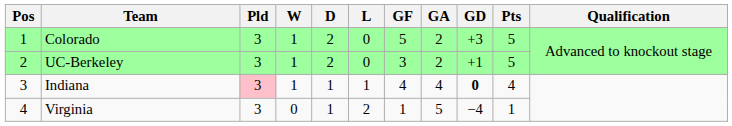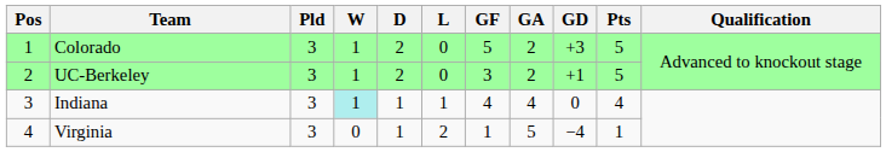 <table class="wikitable" style="text-align:center; margin: 1em auto">
 <tr>
 <th style="width:2em">Pos</th>
 <th style="width:13em">Team</th>
 <th style="width:2em">Pld</th>
 <th style="width:2em">W</th>
 <th style="width:2em">D</th>
 <th style="width:2em">L</th>
 <th style="width:2em">GF</th>
 <th style="width:2em">GA</th>
 <th style="width:2em">GD</th>
 <th style="width:2em">Pts</th>
 <th style="width:13em">Qualification</th>
 </tr>
 <tr bgcolor="#9eff9e">
 <td>1</td>
 <td style="text-align:left">Colorado</td>
 <td>3</td>
 <td>1</td>
 <td>2</td>
 <td>0</td>
 <td>5</td>
 <td>2</td>
 <td>+3</td>
 <td>5</td>
 <td rowspan="2">Advanced to knockout stage</td>
 </tr>
 <tr bgcolor="#9eff9e">
 <td>2</td>
 <td style="text-align:left">UC-Berkeley</td>
 <td>3</td>
 <td>1</td>
 <td>2</td>
 <td>0</td>
 <td>3</td>
 <td>2</td>
 <td>+1</td>
 <td>5</td>
 </tr>
 <tr>
 <td>3</td>
 <td style="text-align:left">Indiana</td>
-<td style="background: pink;">3</td>
-<td>1</td>
+<td>3</td>
+<td style="background: paleturquoise;">1</td>
 <td>1</td>
 <td>1</td>
 <td>4</td>
 <td>4</td>
-<td><strong>0</strong></td>
+<td>0</td>
 <td>4</td>
 <td rowspan="2"></td>
 </tr>
 <tr>
 <td>4</td>
 <td style="text-align:left">Virginia</td>
 <td>3</td>
 <td>0</td>
 <td>1</td>
 <td>2</td>
 <td>1</td>
 <td>5</td>
 <td>−4</td>
 <td>1</td>
 </tr>
 </table>
